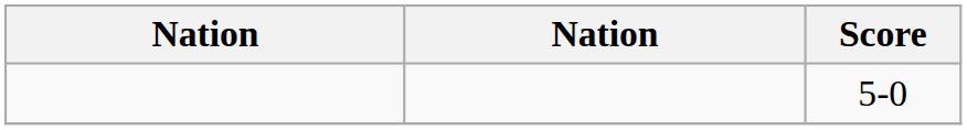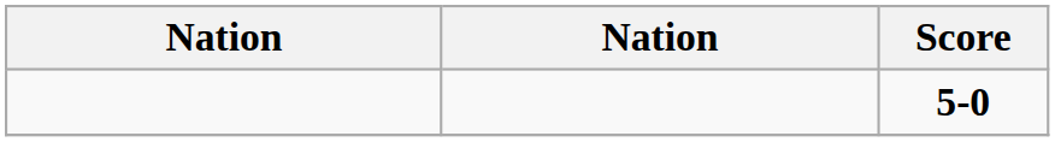 <table class=wikitable style=text-align:center>
 <tr>
 <th width=165>Nation</th>
 <th width=165>Nation</th>
 <th width=60>Score</th>
 </tr>
 <tr>
 <td style=text-align:left></td>
 <td style=text-align:left></td>
-<td>5-0</td>
+<td><strong>5-0</strong></td>
 </tr>
 <tr>
 </tr>
 </table>
